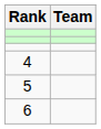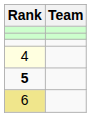 <table class="wikitable">
 <tr>
 <th>Rank</th>
 <th>Team</th>
 </tr>
 <tr bgcolor=#ccffcc>
 <td align=center></td>
 <td></td>
 </tr>
 <tr bgcolor=#ccffcc>
 <td align=center></td>
 <td></td>
 </tr>
 <tr>
 <td align=center></td>
 <td></td>
 </tr>
 <tr>
-<td align=center>4</td>
+<td align=center style="background: lightyellow;">4</td>
 <td></td>
 </tr>
 <tr>
-<td align=center>5</td>
+<td align=center><strong>5</strong></td>
 <td></td>
 </tr>
 <tr>
-<td align=center>6</td>
+<td align=center style="background: khaki;">6</td>
 <td></td>
 </tr>
 </table>
